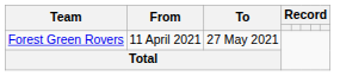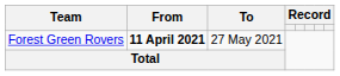 <table class="wikitable" style="text-align: center">
 <tr>
 <th rowspan=2>Team</th>
 <th rowspan=2>From</th>
 <th rowspan=2>To</th>
 <th colspan=5>Record</th>
 </tr>
 <tr>
 <th></th>
 <th></th>
 <th></th>
 <th></th>
 <th></th>
 </tr>
 <tr>
 <td align=left><a href='#'>Forest Green Rovers</a></td>
-<td align=left>11 April 2021</td>
+<td align=left><strong>11 April 2021</strong></td>
 <td align=left>27 May 2021 <br></td>
 </tr>
 <tr>
 <th colspan=3>Total<br></th>
 </tr>
 </table>
